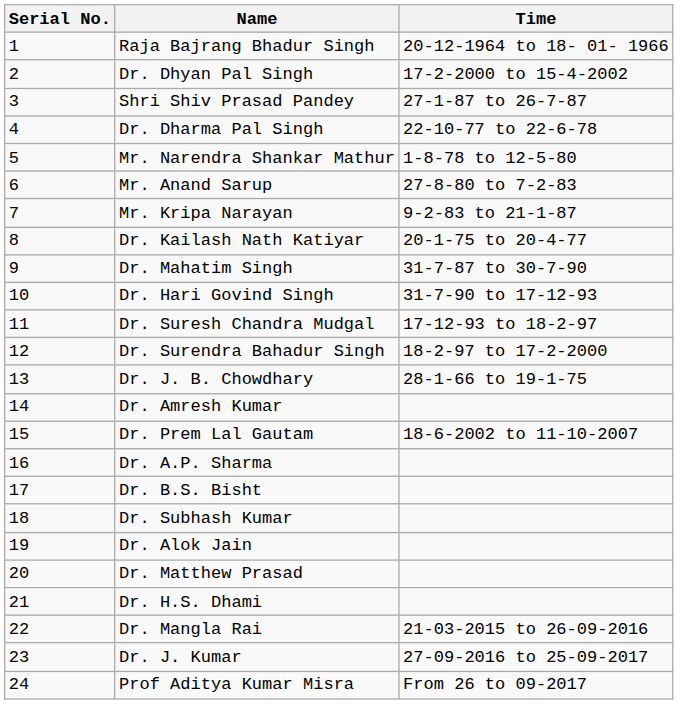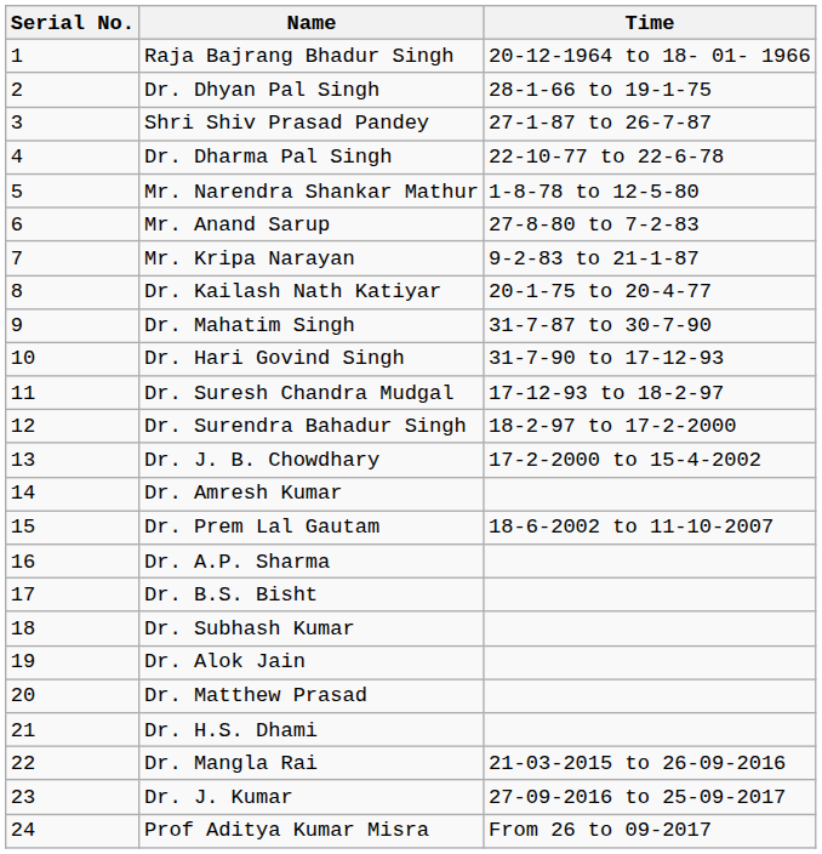 <table class="wikitable">
 <tr>
 <th>Serial No.</th>
 <th>Name</th>
 <th>Time</th>
 </tr>
 <tr>
 <td>1</td>
 <td>Raja Bajrang Bhadur Singh</td>
 <td>20-12-1964 to 18- 01- 1966</td>
 </tr>
 <tr>
 <td>2</td>
 <td>Dr. Dhyan Pal Singh</td>
-<td>17-2-2000 to 15-4-2002</td>
+<td>28-1-66 to 19-1-75</td>
 </tr>
 <tr>
 <td>3</td>
 <td>Shri Shiv Prasad Pandey</td>
 <td>27-1-87 to 26-7-87</td>
 </tr>
 <tr>
 <td>4</td>
 <td>Dr. Dharma Pal Singh</td>
 <td>22-10-77 to 22-6-78</td>
 </tr>
 <tr>
 <td>5</td>
 <td>Mr. Narendra Shankar Mathur</td>
 <td>1-8-78 to 12-5-80</td>
 </tr>
 <tr>
 <td>6</td>
 <td>Mr. Anand Sarup</td>
 <td>27-8-80 to 7-2-83</td>
 </tr>
 <tr>
 <td>7</td>
 <td>Mr. Kripa Narayan</td>
 <td>9-2-83 to 21-1-87</td>
 </tr>
 <tr>
 <td>8</td>
 <td>Dr. Kailash Nath Katiyar</td>
 <td>20-1-75 to 20-4-77</td>
 </tr>
 <tr>
 <td>9</td>
 <td>Dr. Mahatim Singh</td>
 <td>31-7-87 to 30-7-90</td>
 </tr>
 <tr>
 <td>10</td>
 <td>Dr. Hari Govind Singh</td>
 <td>31-7-90 to 17-12-93</td>
 </tr>
 <tr>
 <td>11</td>
 <td>Dr. Suresh Chandra Mudgal</td>
 <td>17-12-93 to 18-2-97</td>
 </tr>
 <tr>
 <td>12</td>
 <td>Dr. Surendra Bahadur Singh</td>
 <td>18-2-97 to 17-2-2000</td>
 </tr>
 <tr>
 <td>13</td>
 <td>Dr. J. B. Chowdhary</td>
-<td>28-1-66 to 19-1-75</td>
+<td>17-2-2000 to 15-4-2002</td>
 </tr>
 <tr>
 <td>14</td>
 <td>Dr. Amresh Kumar</td>
 </tr>
 <tr>
 <td>15</td>
 <td>Dr. Prem Lal Gautam</td>
 <td>18-6-2002 to 11-10-2007</td>
 </tr>
 <tr>
 <td>16</td>
 <td>Dr. A.P. Sharma</td>
 <td></td>
 </tr>
 <tr>
 <td>17</td>
 <td>Dr. B.S. Bisht</td>
 <td></td>
 </tr>
 <tr>
 <td>18</td>
 <td>Dr. Subhash Kumar</td>
 <td></td>
 </tr>
 <tr>
 <td>19</td>
 <td>Dr. Alok Jain</td>
 <td></td>
 </tr>
 <tr>
 <td>20</td>
 <td>Dr. Matthew Prasad</td>
 <td></td>
 </tr>
 <tr>
 <td>21</td>
 <td>Dr. H.S. Dhami</td>
 <td></td>
 </tr>
 <tr>
 <td>22</td>
 <td>Dr. Mangla Rai</td>
 <td>21-03-2015 to 26-09-2016</td>
 </tr>
 <tr>
 <td>23</td>
 <td>Dr. J. Kumar</td>
 <td>27-09-2016 to 25-09-2017</td>
 </tr>
 <tr>
 <td>24</td>
 <td>Prof Aditya Kumar Misra</td>
 <td>From 26 to 09-2017</td>
 </tr>
 </table>
